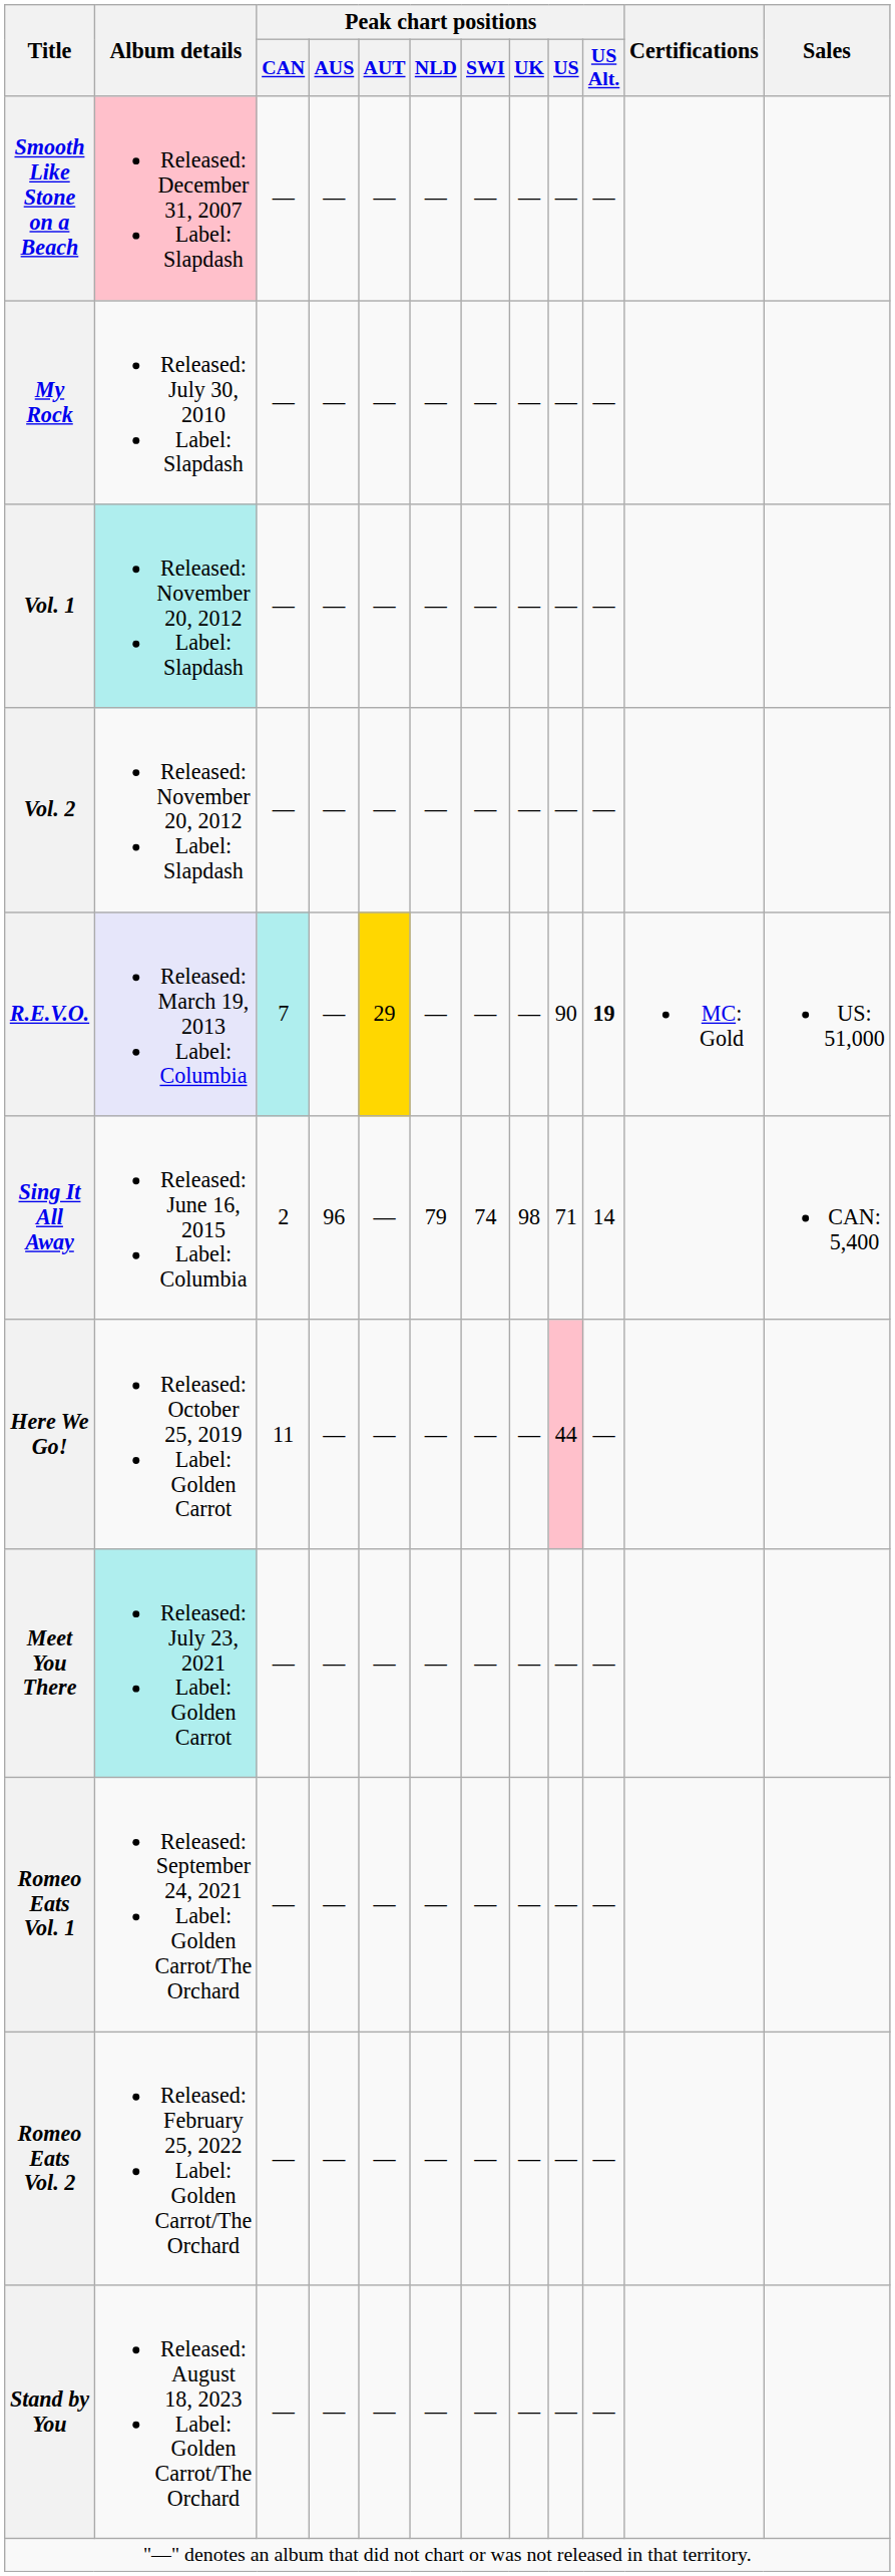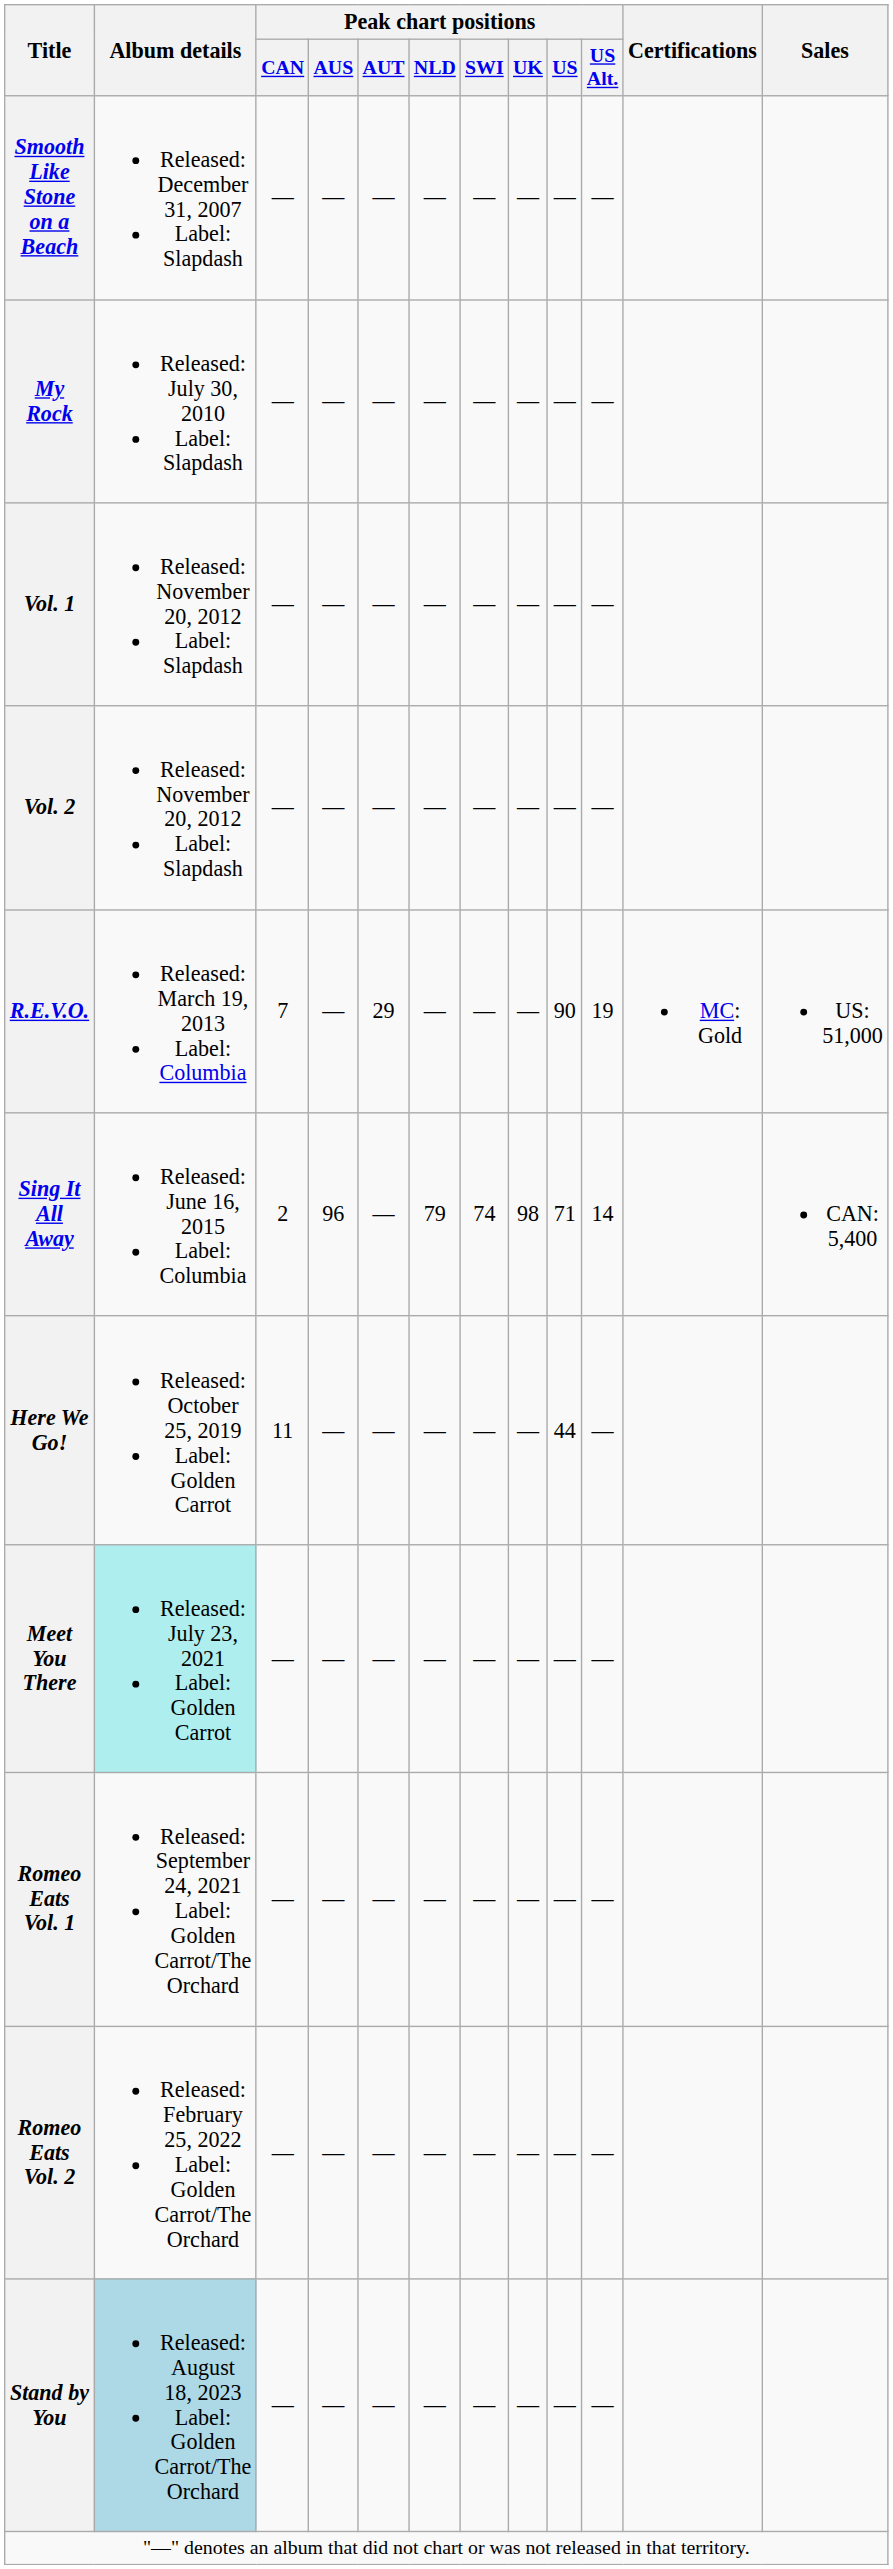 <table class="wikitable plainrowheaders" style="text-align:center;">
 <tr>
 <th scope="col" rowspan="2" style="width:15em;">Title</th>
 <th scope="col" rowspan="2" style="width:16em;">Album details</th>
 <th scope="col" colspan="8">Peak chart positions</th>
 <th scope="col" rowspan="2" style="width:9em;">Certifications</th>
 <th scope="col" rowspan="2" style="width:9em;">Sales</th>
 </tr>
 <tr>
 <th style="width:3em;font-size:90%;"><a href='#'>CAN</a><br></th>
 <th style="width:3em;font-size:90%;"><a href='#'>AUS</a><br></th>
 <th style="width:3em;font-size:90%;"><a href='#'>AUT</a><br></th>
 <th style="width:3em;font-size:90%;"><a href='#'>NLD</a><br></th>
 <th style="width:3em;font-size:90%;"><a href='#'>SWI</a><br></th>
 <th style="width:3em;font-size:90%;"><a href='#'>UK</a><br></th>
 <th style="width:3em;font-size:90%;"><a href='#'>US</a><br></th>
 <th style="width:3em;font-size:90%;"><a href='#'>US Alt.</a><br></th>
 </tr>
 <tr>
 <th scope="row"><em><a href='#'>Smooth Like Stone on a Beach</a></em></th>
-<td style="background: pink;"><br><ul><li>Released: December 31, 2007</li><li>Label: Slapdash</li></ul></td>
+<td><br><ul><li>Released: December 31, 2007</li><li>Label: Slapdash</li></ul></td>
 <td>—</td>
 <td>—</td>
 <td>—</td>
 <td>—</td>
 <td>—</td>
 <td>—</td>
 <td>—</td>
 <td>—</td>
 <td></td>
 <td></td>
 </tr>
 <tr>
 <th scope="row"><em><a href='#'>My Rock</a></em></th>
 <td><br><ul><li>Released: July 30, 2010</li><li>Label: Slapdash</li></ul></td>
 <td>—</td>
 <td>—</td>
 <td>—</td>
 <td>—</td>
 <td>—</td>
 <td>—</td>
 <td>—</td>
 <td>—</td>
 <td></td>
 <td></td>
 </tr>
 <tr>
 <th scope="row"><em>Vol. 1</em></th>
-<td style="background: paleturquoise;"><br><ul><li>Released: November 20, 2012</li><li>Label: Slapdash</li></ul></td>
+<td><br><ul><li>Released: November 20, 2012</li><li>Label: Slapdash</li></ul></td>
 <td>—</td>
 <td>—</td>
 <td>—</td>
 <td>—</td>
 <td>—</td>
 <td>—</td>
 <td>—</td>
 <td>—</td>
 <td></td>
 <td></td>
 </tr>
 <tr>
 <th scope="row"><em>Vol. 2</em></th>
 <td><br><ul><li>Released: November 20, 2012</li><li>Label: Slapdash</li></ul></td>
 <td>—</td>
 <td>—</td>
 <td>—</td>
 <td>—</td>
 <td>—</td>
 <td>—</td>
 <td>—</td>
 <td>—</td>
 <td></td>
 <td></td>
 </tr>
 <tr>
 <th scope="row"><em><a href='#'>R.E.V.O.</a></em></th>
-<td style="background: lavender;"><br><ul><li>Released: March 19, 2013</li><li>Label: <a href='#'>Columbia</a></li></ul></td>
-<td style="background: paleturquoise;">7</td>
+<td><br><ul><li>Released: March 19, 2013</li><li>Label: <a href='#'>Columbia</a></li></ul></td>
+<td>7</td>
 <td>—</td>
-<td style="background: gold;">29</td>
+<td>29</td>
 <td>—</td>
 <td>—</td>
 <td>—</td>
 <td>90</td>
-<td><strong>19</strong></td>
+<td>19</td>
 <td><br><ul><li><a href='#'>MC</a>: Gold</li></ul></td>
 <td><br><ul><li>US: 51,000</li></ul></td>
 </tr>
 <tr>
 <th scope="row"><em><a href='#'>Sing It All Away</a></em></th>
 <td><br><ul><li>Released: June 16, 2015</li><li>Label: Columbia</li></ul></td>
 <td>2</td>
 <td>96</td>
 <td>—</td>
 <td>79</td>
 <td>74</td>
 <td>98</td>
 <td>71</td>
 <td>14</td>
 <td></td>
 <td><br><ul><li>CAN: 5,400</li></ul></td>
 </tr>
 <tr>
 <th scope="row"><em>Here We Go!</em></th>
 <td><br><ul><li>Released: October 25, 2019</li><li>Label: Golden Carrot</li></ul></td>
 <td>11<br></td>
 <td>—</td>
 <td>—</td>
 <td>—</td>
 <td>—</td>
 <td>—</td>
-<td style="background: pink;">44<br></td>
+<td>44<br></td>
 <td>—</td>
 <td></td>
 <td></td>
 </tr>
 <tr>
 <th scope="row"><em>Meet You There</em></th>
 <td style="background: paleturquoise;"><br><ul><li>Released: July 23, 2021</li><li>Label: Golden Carrot</li></ul></td>
 <td>—</td>
 <td>—</td>
 <td>—</td>
 <td>—</td>
 <td>—</td>
 <td>—</td>
 <td>—</td>
 <td>—</td>
 <td></td>
 <td></td>
 </tr>
 <tr>
 <th scope="row"><em>Romeo Eats Vol. 1</em></th>
 <td><br><ul><li>Released: September 24, 2021</li><li>Label: Golden Carrot/The Orchard</li></ul></td>
 <td>—</td>
 <td>—</td>
 <td>—</td>
 <td>—</td>
 <td>—</td>
 <td>—</td>
 <td>—</td>
 <td>—</td>
 <td></td>
 <td></td>
 </tr>
 <tr>
 <th scope="row"><em>Romeo Eats Vol. 2</em></th>
 <td><br><ul><li>Released: February 25, 2022</li><li>Label: Golden Carrot/The Orchard</li></ul></td>
 <td>—</td>
 <td>—</td>
 <td>—</td>
 <td>—</td>
 <td>—</td>
 <td>—</td>
 <td>—</td>
 <td>—</td>
 <td></td>
 <td></td>
 </tr>
 <tr>
 <th scope="row"><em>Stand by You</em></th>
-<td><br><ul><li>Released: August 18, 2023</li><li>Label: Golden Carrot/The Orchard</li></ul></td>
+<td style="background: lightblue;"><br><ul><li>Released: August 18, 2023</li><li>Label: Golden Carrot/The Orchard</li></ul></td>
 <td>—</td>
 <td>—</td>
 <td>—</td>
 <td>—</td>
 <td>—</td>
 <td>—</td>
 <td>—</td>
 <td>—</td>
 <td></td>
 <td></td>
 </tr>
 <tr>
 <td colspan="12" style="font-size:90%">"—" denotes an album that did not chart or was not released in that territory.</td>
 </tr>
 </table>
